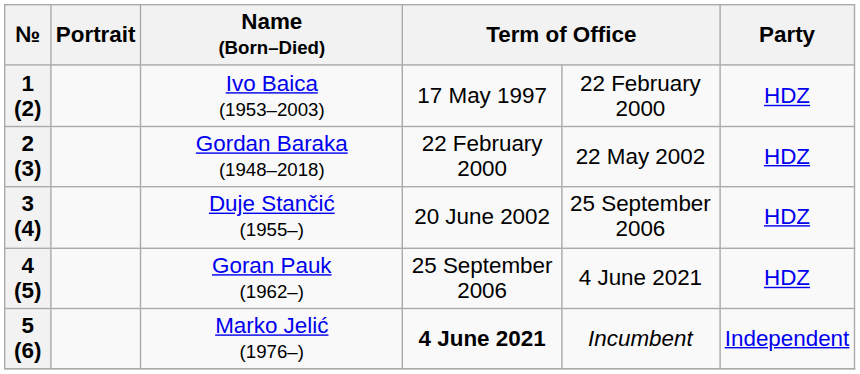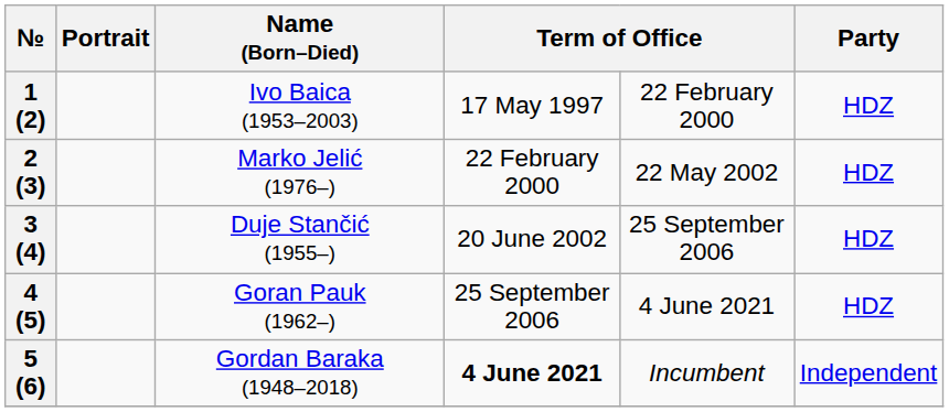 <table class="wikitable" style="text-align:center">
 <tr ->
 <th>№</th>
 <th>Portrait</th>
 <th width=180>Name<br><small>(Born–Died)</small></th>
 <th colspan=2>Term of Office</th>
 <th>Party</th>
 </tr>
 <tr ->
 <th style="background:">1 (2)</th>
 <td></td>
 <td><a href='#'>Ivo Baica</a><br><small>(1953–2003)</small></td>
 <td>17 May 1997</td>
 <td>22 February 2000</td>
 <td><a href='#'>HDZ</a></td>
 </tr>
 <tr ->
 <th style="background:">2 (3)</th>
 <td></td>
-<td><a href='#'>Gordan Baraka</a><br><small>(1948–2018)</small></td>
+<td><a href='#'>Marko Jelić</a><br><small>(1976–)</small></td>
 <td>22 February 2000</td>
 <td>22 May 2002</td>
 <td><a href='#'>HDZ</a></td>
 </tr>
 <tr ->
 <th style="background:">3 (4)</th>
 <td></td>
 <td><a href='#'>Duje Stančić</a><br><small>(1955–)</small></td>
 <td>20 June 2002</td>
 <td>25 September 2006</td>
 <td><a href='#'>HDZ</a></td>
 </tr>
 <tr ->
 <th style="background:">4 (5)</th>
 <td></td>
 <td><a href='#'>Goran Pauk</a><br><small>(1962–)</small></td>
 <td>25 September 2006</td>
 <td>4 June 2021</td>
 <td><a href='#'>HDZ</a></td>
 </tr>
 <tr ->
 <th style="background:">5 (6)</th>
 <td></td>
-<td><a href='#'>Marko Jelić</a><br><small>(1976–)</small></td>
+<td><a href='#'>Gordan Baraka</a><br><small>(1948–2018)</small></td>
 <td><strong>4 June 2021</strong></td>
 <td><em>Incumbent</em></td>
 <td><a href='#'>Independent</a></td>
 </tr>
 <tr ->
 </tr>
 </table>
